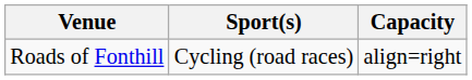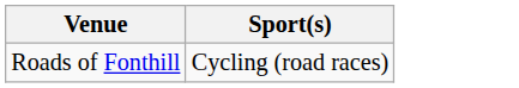 <table class="wikitable sortable">
 <tr>
 <th>Venue</th>
 <th>Sport(s)</th>
-<th>Capacity</th>
 </tr>
 <tr>
 <td>Roads of <a href='#'>Fonthill</a></td>
 <td>Cycling (road races)</td>
-<td>align=right </td>
 </tr>
 </table>
